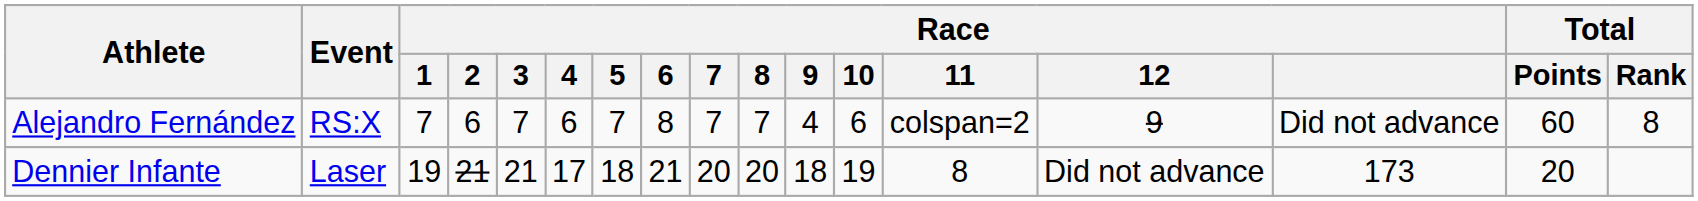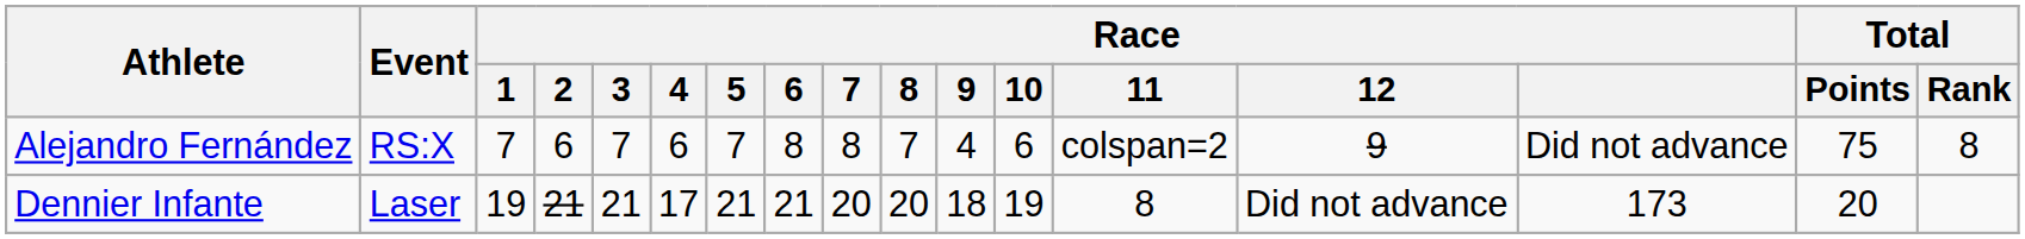 <table class=wikitable style=font-size:90%;text-align:center>
 <tr>
 <th rowspan=2>Athlete</th>
 <th rowspan=2>Event</th>
 <th colspan=13>Race</th>
 <th colspan=2>Total</th>
 </tr>
 <tr style=font-size:95%>
 <th>1</th>
 <th>2</th>
 <th>3</th>
 <th>4</th>
 <th>5</th>
 <th>6</th>
 <th>7</th>
 <th>8</th>
 <th>9</th>
 <th>10</th>
 <th>11</th>
 <th>12</th>
 <th></th>
 <th>Points</th>
 <th>Rank</th>
 </tr>
 <tr>
 <td align=left><a href='#'>Alejandro Fernández</a></td>
 <td align=left><a href='#'>RS:X</a></td>
 <td>7</td>
 <td>6</td>
 <td>7</td>
 <td>6</td>
 <td>7</td>
 <td>8</td>
-<td>7</td>
+<td>8</td>
 <td>7</td>
 <td>4</td>
 <td>6</td>
 <td>colspan=2 </td>
 <td><s>9</s></td>
 <td>Did not advance</td>
-<td>60</td>
+<td>75</td>
 <td>8</td>
 </tr>
 <tr>
 <td align=left><a href='#'>Dennier Infante</a></td>
 <td align=left><a href='#'>Laser</a></td>
 <td>19</td>
 <td><s>21</s></td>
 <td>21</td>
 <td>17</td>
-<td>18</td>
+<td>21</td>
 <td>21</td>
 <td>20</td>
 <td>20</td>
 <td>18</td>
 <td>19</td>
 <td>8</td>
 <td>Did not advance</td>
 <td>173</td>
 <td>20</td>
 </tr>
 </table>
